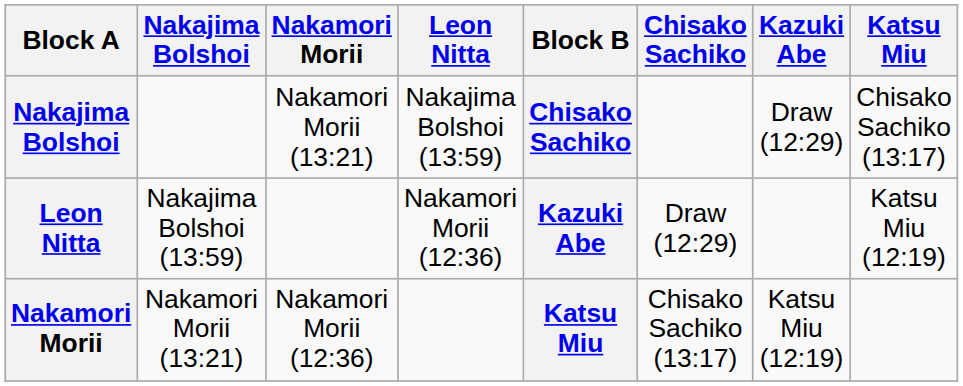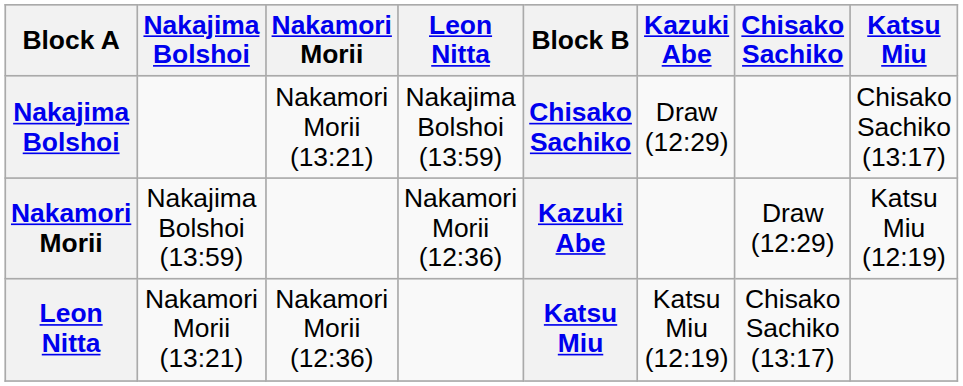 <table class="wikitable" style="text-align:center; margin: 1em auto 1em auto">
 <tr>
 <th>Block A</th>
 <th><a href='#'>Nakajima</a><br><a href='#'>Bolshoi</a></th>
 <th><a href='#'>Nakamori</a><br>Morii</th>
 <th><a href='#'>Leon</a><br><a href='#'>Nitta</a></th>
 <th>Block B</th>
+<th><a href='#'>Kazuki</a><br><a href='#'>Abe</a></th>
 <th><a href='#'>Chisako</a><br><a href='#'>Sachiko</a></th>
-<th><a href='#'>Kazuki</a><br><a href='#'>Abe</a></th>
 <th><a href='#'>Katsu</a><br><a href='#'>Miu</a></th>
 </tr>
 <tr>
 <th><a href='#'>Nakajima</a><br><a href='#'>Bolshoi</a></th>
 <td></td>
 <td>Nakamori<br>Morii<br>(13:21)</td>
 <td>Nakajima<br>Bolshoi<br>(13:59)</td>
 <th><a href='#'>Chisako</a><br><a href='#'>Sachiko</a></th>
+<td>Draw<br>(12:29)</td>
 <td></td>
-<td>Draw<br>(12:29)</td>
 <td>Chisako<br>Sachiko<br>(13:17)</td>
 </tr>
 <tr>
-<th><a href='#'>Leon</a><br><a href='#'>Nitta</a></th>
+<th><a href='#'>Nakamori</a><br>Morii</th>
 <td>Nakajima<br>Bolshoi<br>(13:59)</td>
 <td></td>
 <td>Nakamori<br>Morii<br>(12:36)</td>
 <th><a href='#'>Kazuki</a><br><a href='#'>Abe</a></th>
+<td></td>
 <td>Draw<br>(12:29)</td>
-<td></td>
 <td>Katsu<br>Miu<br>(12:19)</td>
 </tr>
 <tr>
-<th><a href='#'>Nakamori</a><br>Morii</th>
+<th><a href='#'>Leon</a><br><a href='#'>Nitta</a></th>
 <td>Nakamori<br>Morii<br>(13:21)</td>
 <td>Nakamori<br>Morii<br>(12:36)</td>
 <td></td>
 <th><a href='#'>Katsu</a><br><a href='#'>Miu</a></th>
+<td>Katsu<br>Miu<br>(12:19)</td>
 <td>Chisako<br>Sachiko<br>(13:17)</td>
-<td>Katsu<br>Miu<br>(12:19)</td>
 <td></td>
 </tr>
 </table>
